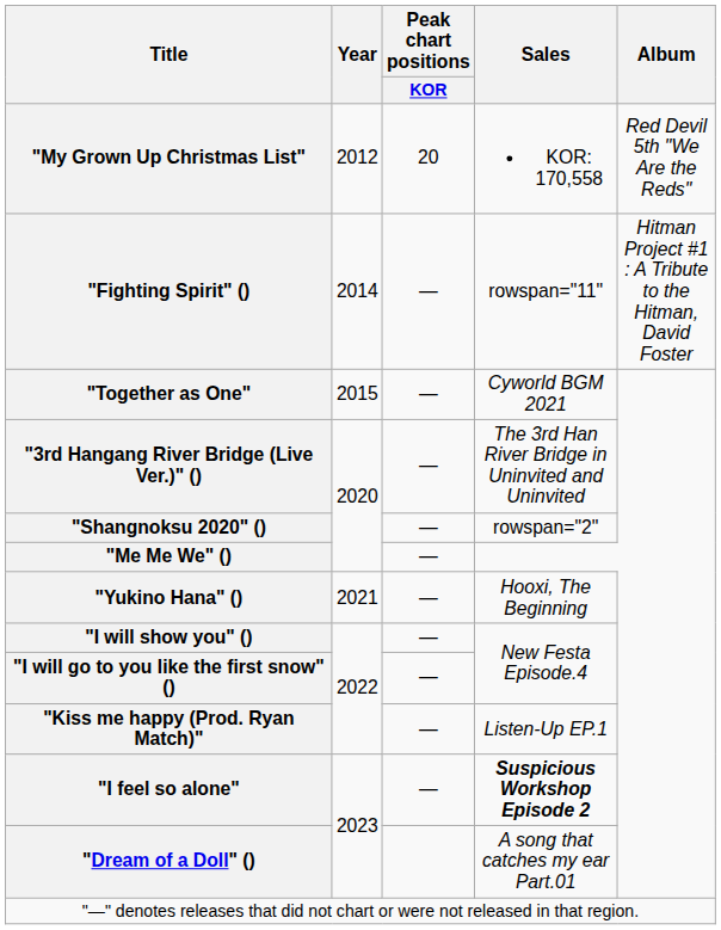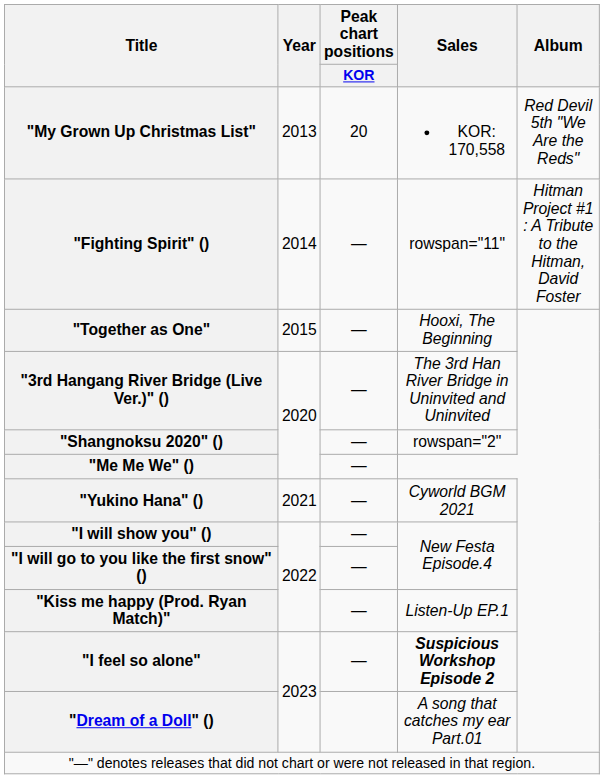 <table class="wikitable plainrowheaders" style="text-align:center;">
 <tr>
 <th scope="col" rowspan="2" style="width:17em;">Title</th>
 <th scope="col" rowspan="2">Year</th>
 <th scope="col" colspan="1">Peak chart positions</th>
 <th scope="col" rowspan="2">Sales</th>
 <th scope="col" rowspan="2">Album</th>
 </tr>
 <tr>
 <th scope="col" style="width:3em;font-size:90%;"><a href='#'>KOR</a><br></th>
 </tr>
 <tr>
 <th scope="row">"My Grown Up Christmas List"</th>
-<td>2012</td>
+<td>2013</td>
 <td>20</td>
 <td><br><ul><li>KOR: 170,558</li></ul></td>
 <td><em>Red Devil 5th "We Are the Reds"</em></td>
 </tr>
 <tr>
 <th scope="row">"Fighting Spirit" ()</th>
 <td>2014</td>
 <td>—</td>
 <td>rowspan="11" </td>
 <td><em>Hitman Project #1 : A Tribute to the Hitman, David Foster</em></td>
 </tr>
 <tr>
 <th scope="row">"Together as One"<br></th>
 <td>2015</td>
 <td>—</td>
-<td><em>Cyworld BGM 2021</em></td>
+<td><em>Hooxi, The Beginning</em></td>
 </tr>
 <tr>
 <th scope="row">"3rd Hangang River Bridge (Live Ver.)" ()</th>
 <td rowspan="3">2020</td>
 <td>—</td>
 <td><em>The 3rd Han River Bridge in Uninvited and Uninvited</em></td>
 </tr>
 <tr>
 <th scope="row">"Shangnoksu 2020" ()<br></th>
 <td>—</td>
 <td>rowspan="2" </td>
 </tr>
 <tr>
 <th scope="row">"Me Me We" ()<br></th>
 <td>—</td>
 </tr>
 <tr>
 <th scope="row">"Yukino Hana" ()</th>
 <td>2021</td>
 <td>—</td>
-<td><em>Hooxi, The Beginning</em></td>
+<td><em>Cyworld BGM 2021</em></td>
 </tr>
 <tr>
 <th scope="row">"I will show you" ()</th>
 <td rowspan="3">2022</td>
 <td>—</td>
 <td rowspan="2"><em>New Festa Episode.4</em></td>
 </tr>
 <tr>
 <th scope="row">"I will go to you like the first snow" ()</th>
 <td>—</td>
 </tr>
 <tr>
 <th scope="row">"Kiss me happy (Prod. Ryan Match)"</th>
 <td>—</td>
 <td><em>Listen-Up EP.1</em></td>
 </tr>
 <tr>
 <th scope="row">"I feel so alone"</th>
 <td rowspan="2">2023</td>
 <td>—</td>
 <td><strong><em>Suspicious Workshop Episode 2</em></strong></td>
 </tr>
 <tr>
 <th scope="row">"<a href='#'>Dream of a Doll</a>" ()</th>
 <td></td>
 <td><em>A song that catches my ear Part.01</em></td>
 </tr>
 <tr>
 <td colspan="5" style="font-size:90%">"—" denotes releases that did not chart or were not released in that region.</td>
 </tr>
 </table>
